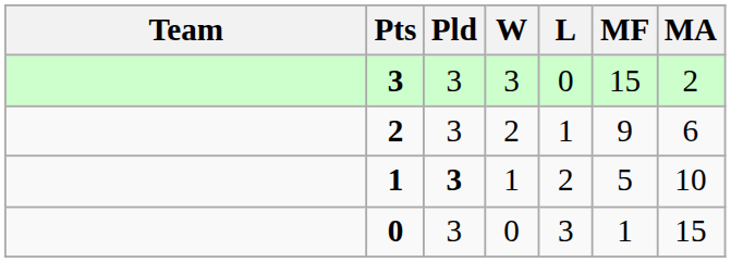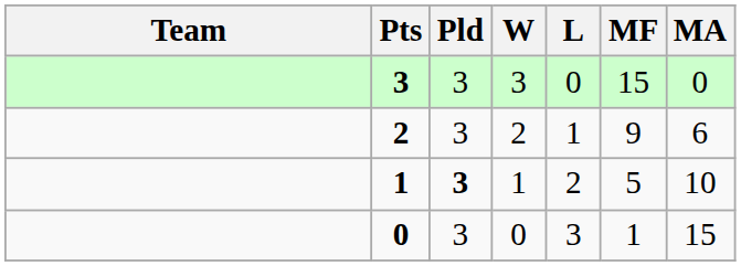 <table class=wikitable style="text-align:center">
 <tr>
 <th width=175>Team</th>
 <th width=20>Pts</th>
 <th width=20>Pld</th>
 <th width=20>W</th>
 <th width=20>L</th>
 <th width=20>MF</th>
 <th width=20>MA</th>
 </tr>
 <tr bgcolor=#ccffcc>
 <td style="text-align:left"></td>
 <td><strong>3</strong></td>
 <td>3</td>
 <td>3</td>
 <td>0</td>
 <td>15</td>
-<td>2</td>
+<td>0</td>
 </tr>
 <tr>
 <td style="text-align:left"></td>
 <td><strong>2</strong></td>
 <td>3</td>
 <td>2</td>
 <td>1</td>
 <td>9</td>
 <td>6</td>
 </tr>
 <tr>
 <td style="text-align:left"></td>
 <td><strong>1</strong></td>
 <td><strong>3</strong></td>
 <td>1</td>
 <td>2</td>
 <td>5</td>
 <td>10</td>
 </tr>
 <tr>
 <td style="text-align:left"></td>
 <td><strong>0</strong></td>
 <td>3</td>
 <td>0</td>
 <td>3</td>
 <td>1</td>
 <td>15</td>
 </tr>
 </table>
